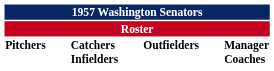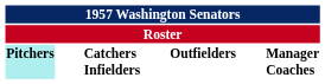 <table class="toccolours" style="font-size: 95%;">
 <tr>
 <th colspan="10" style="background-color: #072764; color: white; text-align: center;">1957 Washington Senators</th>
 </tr>
 <tr>
 <td colspan="10" style="background-color: #c6011f; color: white; text-align: center;"><strong>Roster</strong></td>
 </tr>
 <tr>
-<td valign="top"><strong>Pitchers</strong><br>                  </td>
+<td valign="top" style="background: paleturquoise;"><strong>Pitchers</strong><br>                  </td>
 <td width="25px"></td>
 <td valign="top"><strong>Catchers</strong><br>   <strong>Infielders</strong>          </td>
 <td width="25px"></td>
 <td valign="top"><strong>Outfielders</strong><br>        </td>
 <td width="25px"></td>
 <td valign="top"><strong>Manager</strong><br>  <strong>Coaches</strong>     </td>
 </tr>
 <tr>
 </tr>
 </table>
